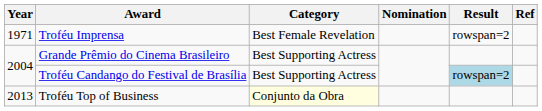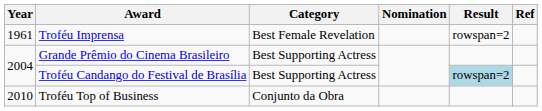 <table class="wikitable">
 <tr>
 <th>Year</th>
 <th>Award</th>
 <th>Category</th>
 <th>Nomination</th>
 <th>Result</th>
 <th>Ref</th>
 </tr>
 <tr>
-<td>1971</td>
+<td>1961</td>
 <td><a href='#'>Troféu Imprensa</a></td>
 <td>Best Female Revelation</td>
 <td></td>
 <td>rowspan=2 </td>
 <td></td>
 </tr>
 <tr>
 <td rowspan="2">2004</td>
 <td><a href='#'>Grande Prêmio do Cinema Brasileiro</a></td>
 <td>Best Supporting Actress</td>
 <td rowspan="2"></td>
 <td></td>
 </tr>
 <tr>
 <td><a href='#'>Troféu Candango do Festival de Brasília</a></td>
 <td>Best Supporting Actress</td>
 <td style="background: lightblue;">rowspan=2 </td>
 <td></td>
 </tr>
 <tr>
-<td>2013</td>
+<td>2010</td>
 <td>Troféu Top of Business</td>
-<td style="background: lightyellow;">Conjunto da Obra</td>
+<td>Conjunto da Obra</td>
 <td></td>
 <td></td>
 </tr>
 </table>
